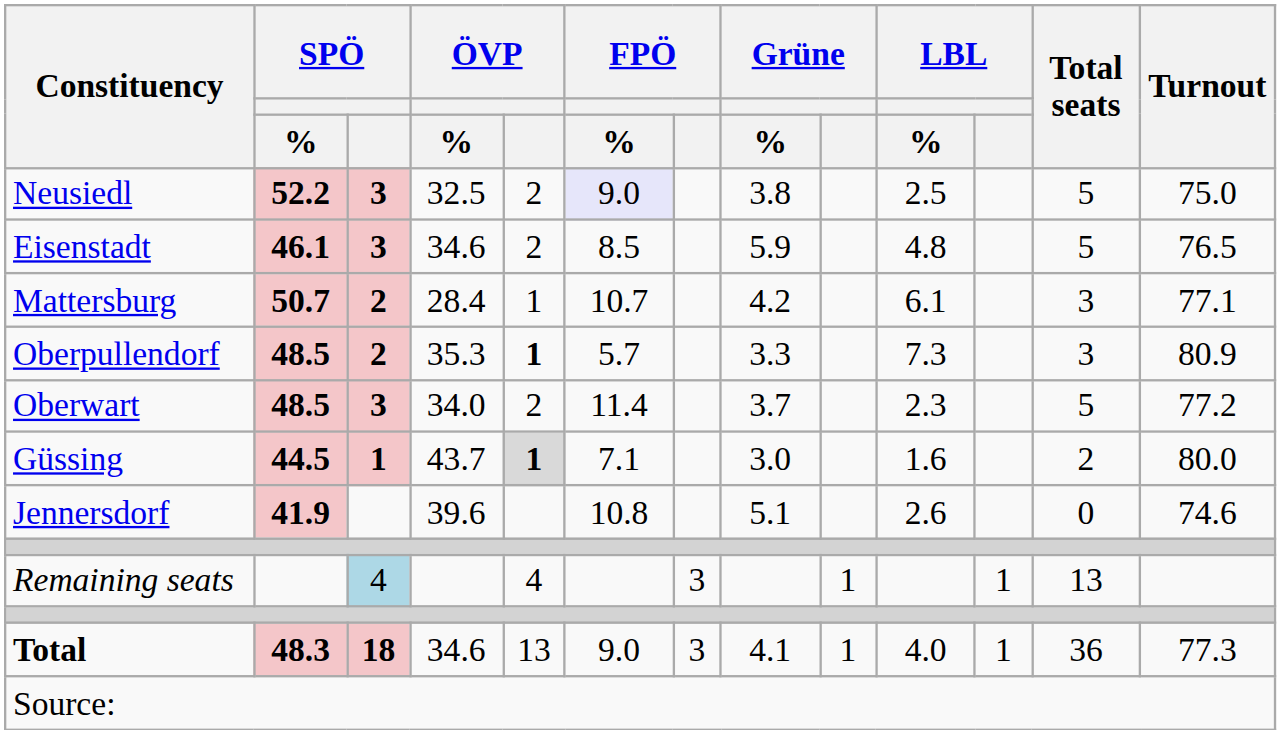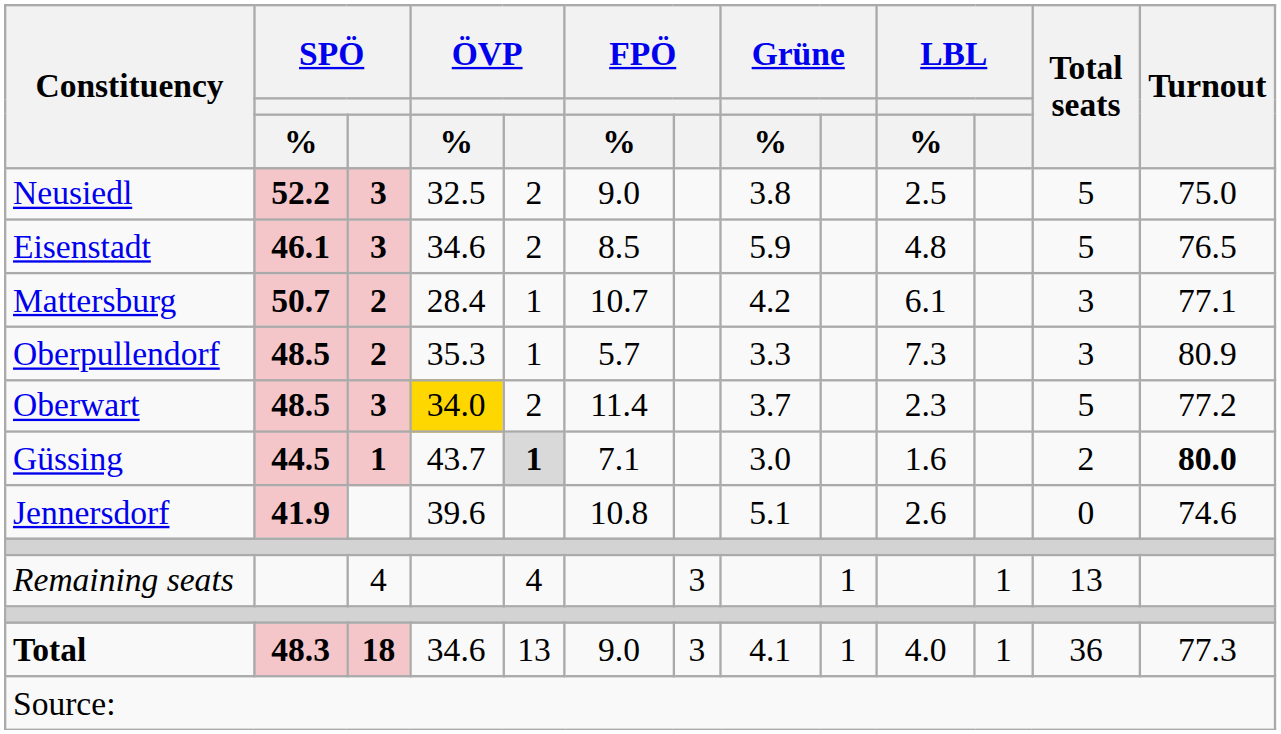 <table class="wikitable" style="text-align:center;font-size:90%;line-height:16px">
 <tr style="height:40px;">
 <th style="width:100px;" rowspan="3">Constituency</th>
 <th style="width:60px;" colspan="2"><a href='#'>SPÖ</a></th>
 <th style="width:60px;" colspan="2"><a href='#'>ÖVP</a></th>
 <th style="width:60px;" colspan="2"><a href='#'>FPÖ</a></th>
 <th style="width:60px;" colspan="2"><a href='#'>Grüne</a></th>
 <th style="width:60px;" colspan="2"><a href='#'>LBL</a></th>
 <th class="unsortable" style="width:40px;" rowspan="3">Total<br>seats</th>
 <th class="unsortable" style="width:40px;" rowspan="3">Turnout</th>
 </tr>
 <tr>
 <th colspan="2" style="background:"></th>
 <th colspan="2" style="background:"></th>
 <th colspan="2" style="background:"></th>
 <th colspan="2" style="background:"></th>
 <th colspan="2" style="background:"></th>
 </tr>
 <tr>
 <th class=unsortable>%</th>
 <th class=unsortable></th>
 <th class=unsortable>%</th>
 <th class=unsortable></th>
 <th class=unsortable>%</th>
 <th class=unsortable></th>
 <th class=unsortable>%</th>
 <th class=unsortable></th>
 <th class=unsortable>%</th>
 <th class=unsortable></th>
 </tr>
 <tr>
 <td align=left><a href='#'>Neusiedl</a></td>
 <td bgcolor=#F4C6C9><strong>52.2</strong></td>
 <td bgcolor=#F4C6C9><strong>3</strong></td>
 <td>32.5</td>
 <td>2</td>
-<td style="background: lavender;">9.0</td>
+<td>9.0</td>
 <td></td>
 <td>3.8</td>
 <td></td>
 <td>2.5</td>
 <td></td>
 <td>5</td>
 <td>75.0</td>
 </tr>
 <tr>
 <td align=left><a href='#'>Eisenstadt</a></td>
 <td bgcolor=#F4C6C9><strong>46.1</strong></td>
 <td bgcolor=#F4C6C9><strong>3</strong></td>
 <td>34.6</td>
 <td>2</td>
 <td>8.5</td>
 <td></td>
 <td>5.9</td>
 <td></td>
 <td>4.8</td>
 <td></td>
 <td>5</td>
 <td>76.5</td>
 </tr>
 <tr>
 <td align=left><a href='#'>Mattersburg</a></td>
 <td bgcolor=#F4C6C9><strong>50.7</strong></td>
 <td bgcolor=#F4C6C9><strong>2</strong></td>
 <td>28.4</td>
 <td>1</td>
 <td>10.7</td>
 <td></td>
 <td>4.2</td>
 <td></td>
 <td>6.1</td>
 <td></td>
 <td>3</td>
 <td>77.1</td>
 </tr>
 <tr>
 <td align=left><a href='#'>Oberpullendorf</a></td>
 <td bgcolor=#F4C6C9><strong>48.5</strong></td>
 <td bgcolor=#F4C6C9><strong>2</strong></td>
 <td>35.3</td>
-<td><strong>1</strong></td>
+<td>1</td>
 <td>5.7</td>
 <td></td>
 <td>3.3</td>
 <td></td>
 <td>7.3</td>
 <td></td>
 <td>3</td>
 <td>80.9</td>
 </tr>
 <tr>
 <td align=left><a href='#'>Oberwart</a></td>
 <td bgcolor=#F4C6C9><strong>48.5</strong></td>
 <td bgcolor=#F4C6C9><strong>3</strong></td>
-<td>34.0</td>
+<td style="background: gold;">34.0</td>
 <td>2</td>
 <td>11.4</td>
 <td></td>
 <td>3.7</td>
 <td></td>
 <td>2.3</td>
 <td></td>
 <td>5</td>
 <td>77.2</td>
 </tr>
 <tr>
 <td align=left><a href='#'>Güssing</a></td>
 <td bgcolor=#F4C6C9><strong>44.5</strong></td>
 <td bgcolor=#F4C6C9><strong>1</strong></td>
 <td>43.7</td>
 <td bgcolor=#D9D9D9><strong>1</strong></td>
 <td>7.1</td>
 <td></td>
 <td>3.0</td>
 <td></td>
 <td>1.6</td>
 <td></td>
 <td>2</td>
-<td>80.0</td>
+<td><strong>80.0</strong></td>
 </tr>
 <tr>
 <td align=left><a href='#'>Jennersdorf</a></td>
 <td bgcolor=#F4C6C9><strong>41.9</strong></td>
 <td></td>
 <td>39.6</td>
 <td></td>
 <td>10.8</td>
 <td></td>
 <td>5.1</td>
 <td></td>
 <td>2.6</td>
 <td></td>
 <td>0</td>
 <td>74.6</td>
 </tr>
 <tr>
 <td colspan=13 bgcolor=lightgrey></td>
 </tr>
 <tr>
 <td align=left><em>Remaining seats</em></td>
 <td></td>
-<td style="background: lightblue;">4</td>
+<td>4</td>
 <td></td>
 <td>4</td>
 <td></td>
 <td>3</td>
 <td></td>
 <td>1</td>
 <td></td>
 <td>1</td>
 <td>13</td>
 <td></td>
 </tr>
 <tr>
 <td colspan=13 bgcolor=lightgrey></td>
 </tr>
 <tr>
 <td align=left><strong>Total</strong></td>
 <td bgcolor=#F4C6C9><strong>48.3</strong></td>
 <td bgcolor=#F4C6C9><strong>18</strong></td>
 <td>34.6</td>
 <td>13</td>
 <td>9.0</td>
 <td>3</td>
 <td>4.1</td>
 <td>1</td>
 <td>4.0</td>
 <td>1</td>
 <td>36</td>
 <td>77.3</td>
 </tr>
 <tr class=sortbottom>
 <td colspan=13 align=left>Source: </td>
 </tr>
 </table>
